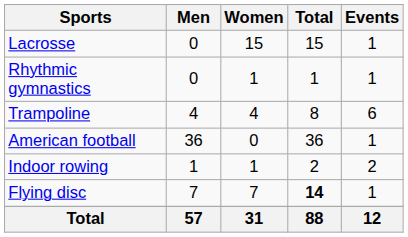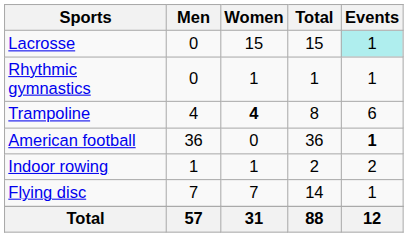 <table class="wikitable sortable" style="text-align:center;">
 <tr>
 <th width=150>Sports</th>
 <th width=45>Men</th>
 <th width=45>Women</th>
 <th width=45>Total</th>
 <th width=45>Events</th>
 </tr>
 <tr>
 <td align=left><a href='#'>Lacrosse</a></td>
 <td>0</td>
 <td>15</td>
 <td>15</td>
-<td>1</td>
+<td style="background: paleturquoise;">1</td>
 </tr>
 <tr>
 <td align=left><a href='#'>Rhythmic gymnastics</a></td>
 <td>0</td>
 <td>1</td>
 <td>1</td>
 <td>1</td>
 </tr>
 <tr>
 <td align=left><a href='#'>Trampoline</a></td>
 <td>4</td>
-<td>4</td>
+<td><strong>4</strong></td>
 <td>8</td>
 <td>6</td>
 </tr>
 <tr>
 <td align=left><a href='#'>American football</a></td>
 <td>36</td>
 <td>0</td>
 <td>36</td>
-<td>1</td>
+<td><strong>1</strong></td>
 </tr>
 <tr>
 <td align=left><a href='#'>Indoor rowing</a></td>
 <td>1</td>
 <td>1</td>
 <td>2</td>
 <td>2</td>
 </tr>
 <tr>
 <td align=left><a href='#'>Flying disc</a></td>
 <td>7</td>
 <td>7</td>
-<td><strong>14</strong></td>
+<td>14</td>
 <td>1</td>
 </tr>
 <tr>
 </tr>
 <tr class="sortbottom">
 <th>Total</th>
 <th>57</th>
 <th>31</th>
 <th>88</th>
 <th>12</th>
 </tr>
 </table>
